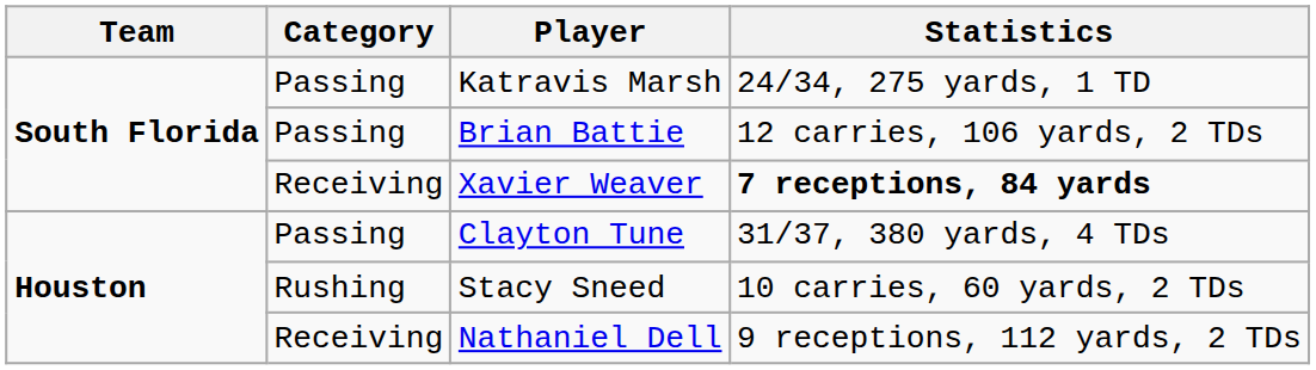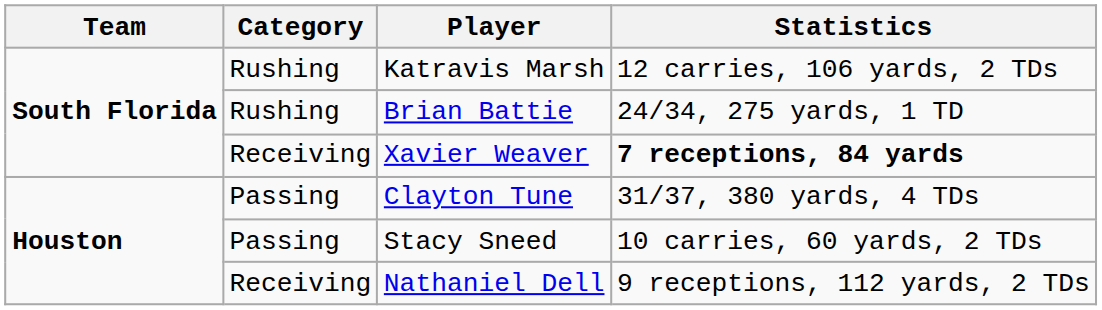 <table class="wikitable" style="float: right;">
 <tr>
 <th>Team</th>
 <th>Category</th>
 <th>Player</th>
 <th>Statistics</th>
 </tr>
 <tr>
 <td rowspan=3><strong>South Florida</strong></td>
-<td>Passing</td>
+<td>Rushing</td>
 <td>Katravis Marsh</td>
-<td>24/34, 275 yards, 1 TD</td>
+<td>12 carries, 106 yards, 2 TDs</td>
 </tr>
 <tr>
-<td>Passing</td>
+<td>Rushing</td>
 <td><a href='#'>Brian Battie</a></td>
-<td>12 carries, 106 yards, 2 TDs</td>
+<td>24/34, 275 yards, 1 TD</td>
 </tr>
 <tr>
 <td>Receiving</td>
 <td><a href='#'>Xavier Weaver</a></td>
 <td><strong>7 receptions, 84 yards</strong></td>
 </tr>
 <tr>
 <td rowspan=3><strong>Houston</strong></td>
 <td>Passing</td>
 <td><a href='#'>Clayton Tune</a></td>
 <td>31/37, 380 yards, 4 TDs</td>
 </tr>
 <tr>
-<td>Rushing</td>
+<td>Passing</td>
 <td>Stacy Sneed</td>
 <td>10 carries, 60 yards, 2 TDs</td>
 </tr>
 <tr>
 <td>Receiving</td>
 <td><a href='#'>Nathaniel Dell</a></td>
 <td>9 receptions, 112 yards, 2 TDs</td>
 </tr>
 </table>
